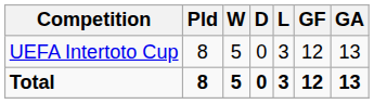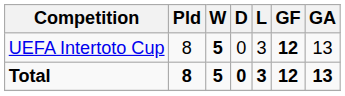 <table class="wikitable">
 <tr>
 <th>Competition</th>
 <th>Pld</th>
 <th>W</th>
 <th>D</th>
 <th>L</th>
 <th>GF</th>
 <th>GA</th>
 </tr>
 <tr>
 <td><a href='#'>UEFA Intertoto Cup</a></td>
 <td style="text-align:center;">8</td>
-<td style="text-align:center;">5</td>
+<td style="text-align:center;"><strong>5</strong></td>
 <td style="text-align:center;">0</td>
 <td style="text-align:center;">3</td>
-<td style="text-align:center;">12</td>
+<td style="text-align:center;"><strong>12</strong></td>
 <td style="text-align:center;">13</td>
 </tr>
 <tr>
 <td><strong>Total</strong></td>
 <td style="text-align:center;"><strong>8</strong></td>
 <td style="text-align:center;"><strong>5</strong></td>
 <td style="text-align:center;"><strong>0</strong></td>
 <td style="text-align:center;"><strong>3</strong></td>
 <td style="text-align:center;"><strong>12</strong></td>
 <td style="text-align:center;"><strong>13</strong></td>
 </tr>
 <tr>
 </tr>
 </table>
